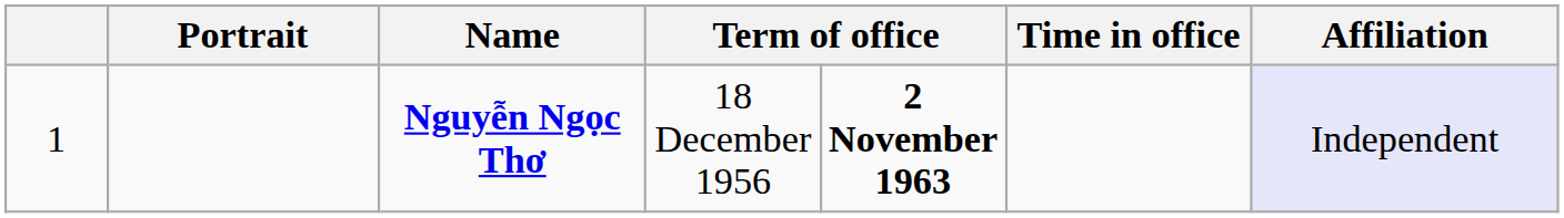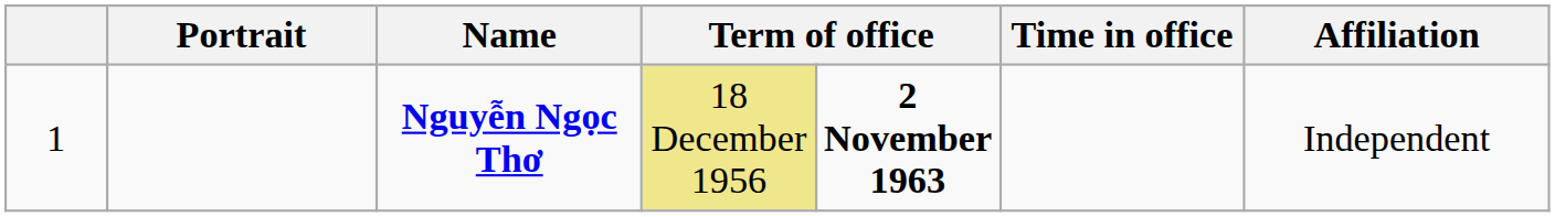 <table class="wikitable" width=74%>
 <tr>
 <th scope="col" style="width:5em;"></th>
 <th scope="col" style="width:12em;">Portrait</th>
 <th scope="col" style="width:12em;">Name<br></th>
 <th colspan="2" scope="col" style="width:12em;">Term of office</th>
 <th scope="col" style="width:12em;">Time in office</th>
 <th scope="col" style="width:12em;">Affiliation</th>
 </tr>
 <tr>
 <td align="center" style="background: ">1</td>
 <td align="center"></td>
 <td align="center" scope="row" style="font-weight:normal;"><strong><a href='#'>Nguyễn Ngọc Thơ</a></strong><br></td>
-<td align="center">18 December 1956</td>
+<td align="center" style="background: khaki;">18 December 1956</td>
 <td align="center"><strong>2 November 1963</strong></td>
 <td align="center"></td>
-<td align="center" style="background: lavender;">Independent</td>
+<td align="center">Independent</td>
 </tr>
 </table>
